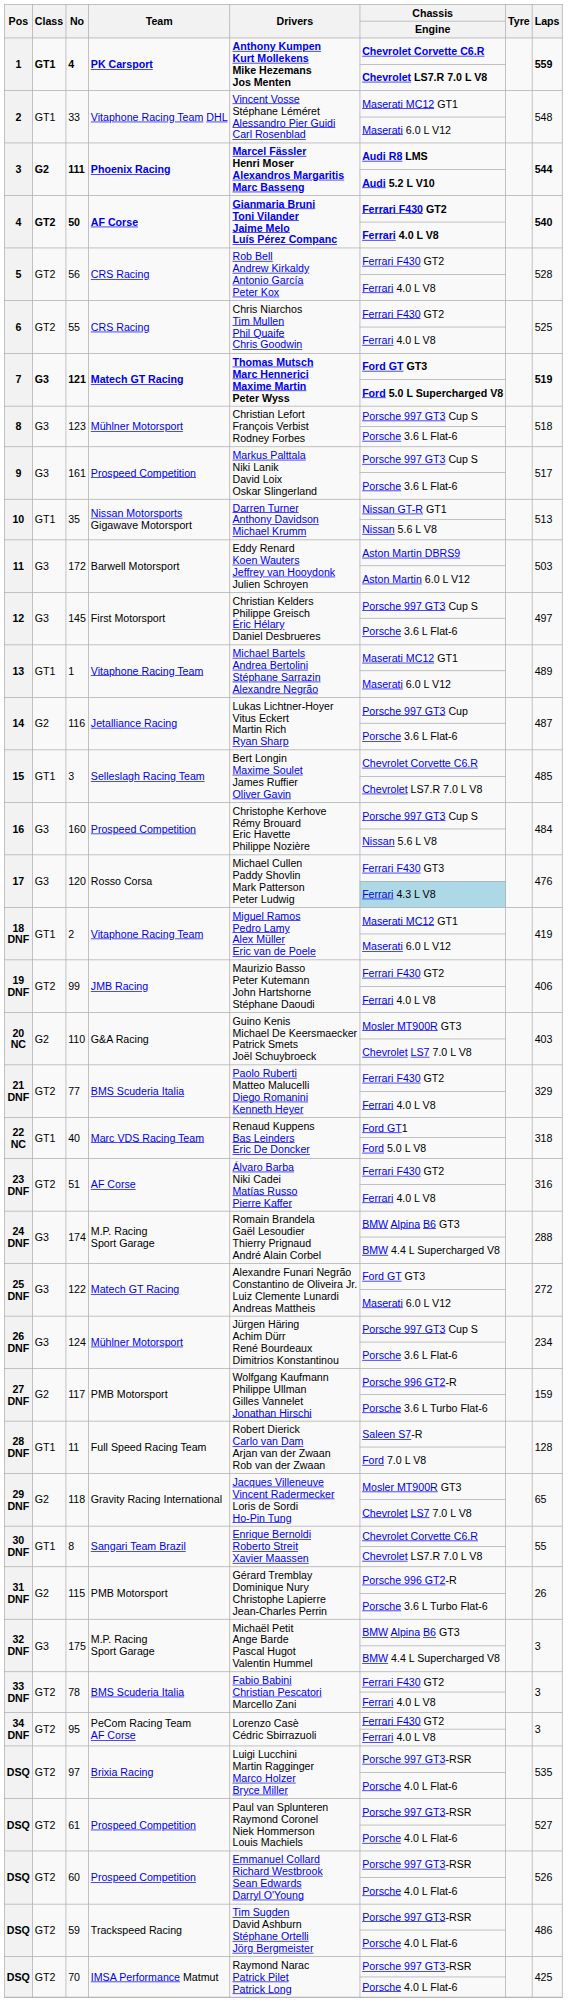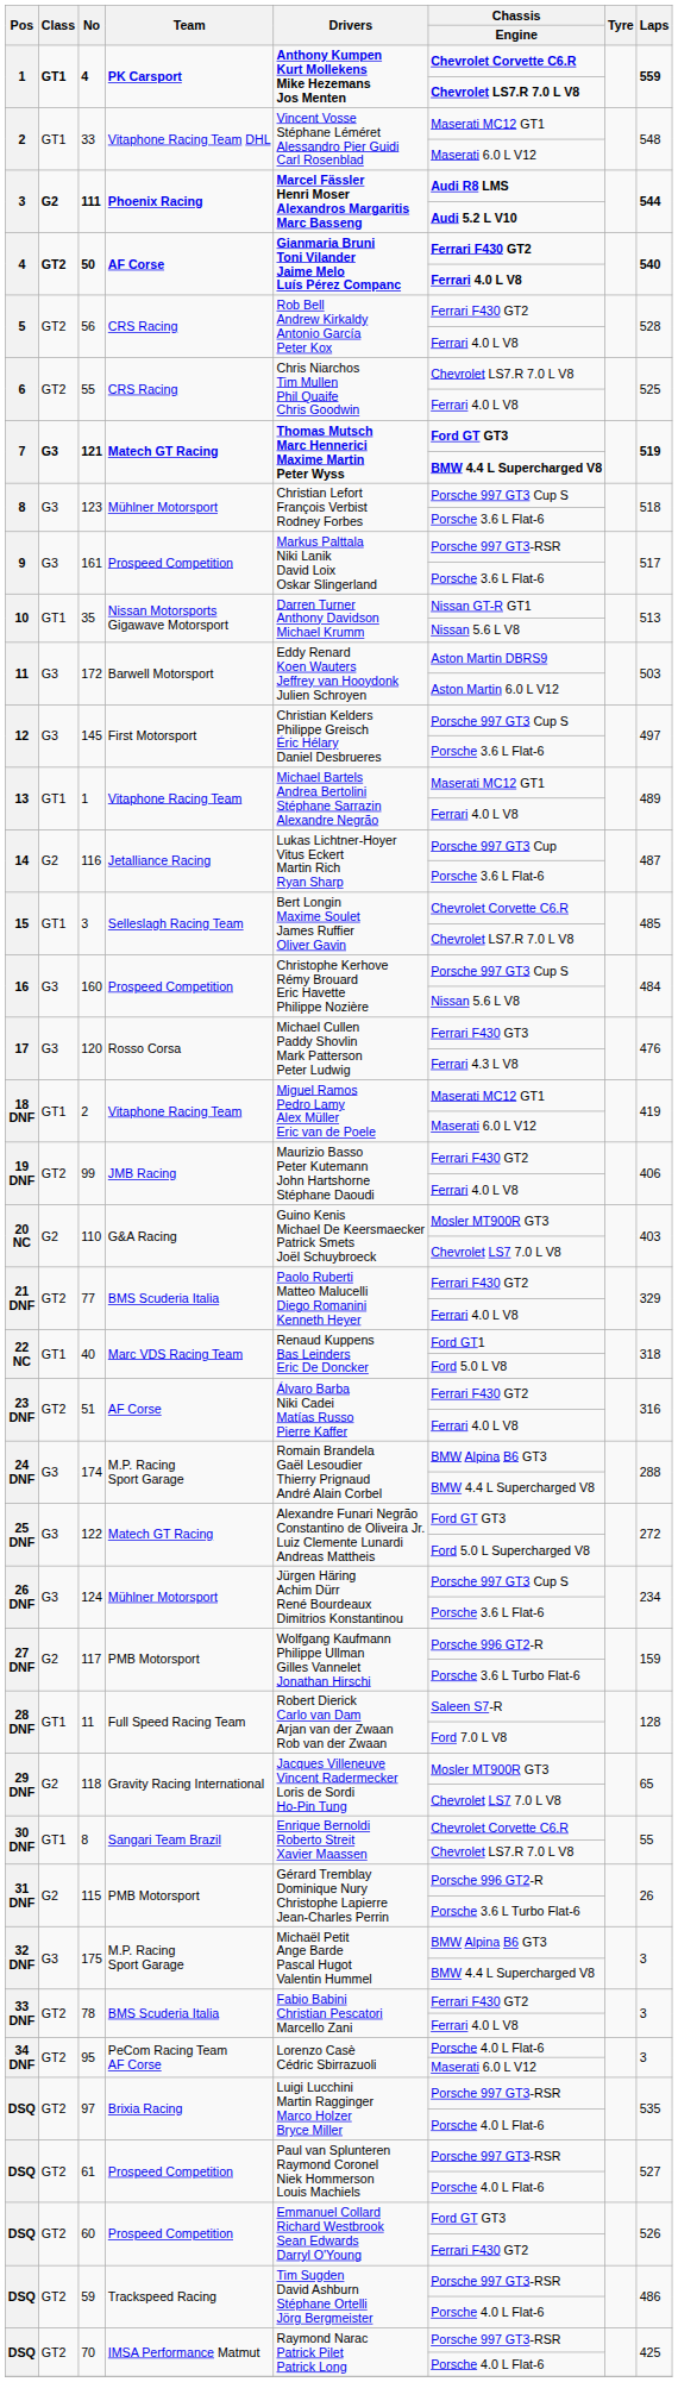 <table class="wikitable" style="font-size: 95%;">
 <tr>
 <th rowspan=2>Pos</th>
 <th rowspan=2>Class</th>
 <th rowspan=2>No</th>
 <th rowspan=2>Team</th>
 <th rowspan=2>Drivers</th>
 <th>Chassis</th>
 <th rowspan=2>Tyre</th>
 <th rowspan=2>Laps</th>
 </tr>
 <tr>
 <th>Engine</th>
 </tr>
 <tr style="font-weight:bold">
 <th rowspan=2>1</th>
 <td rowspan=2>GT1</td>
 <td rowspan=2>4</td>
 <td rowspan=2> <a href='#'>PK Carsport</a></td>
 <td rowspan=2> <a href='#'>Anthony Kumpen</a><br> <a href='#'>Kurt Mollekens</a><br> Mike Hezemans<br> Jos Menten</td>
 <td><a href='#'>Chevrolet Corvette C6.R</a></td>
 <td rowspan=2></td>
 <td rowspan=2>559</td>
 </tr>
 <tr style="font-weight:bold">
 <td><a href='#'>Chevrolet</a> LS7.R 7.0 L V8</td>
 </tr>
 <tr>
 <th rowspan=2>2</th>
 <td rowspan=2>GT1</td>
 <td rowspan=2>33</td>
 <td rowspan=2> <a href='#'>Vitaphone Racing Team</a> <a href='#'>DHL</a></td>
 <td rowspan=2> <a href='#'>Vincent Vosse</a><br> Stéphane Léméret<br> <a href='#'>Alessandro Pier Guidi</a><br> <a href='#'>Carl Rosenblad</a></td>
 <td><a href='#'>Maserati MC12</a> GT1</td>
 <td rowspan=2></td>
 <td rowspan=2>548</td>
 </tr>
 <tr>
 <td><a href='#'>Maserati</a> 6.0 L V12</td>
 </tr>
 <tr style="font-weight:bold">
 <th rowspan=2>3</th>
 <td rowspan=2>G2</td>
 <td rowspan=2>111</td>
 <td rowspan=2> <a href='#'>Phoenix Racing</a></td>
 <td rowspan=2> <a href='#'>Marcel Fässler</a><br> Henri Moser<br> <a href='#'>Alexandros Margaritis</a><br> <a href='#'>Marc Basseng</a></td>
 <td><a href='#'>Audi R8</a> LMS</td>
 <td rowspan=2></td>
 <td rowspan=2>544</td>
 </tr>
 <tr style="font-weight:bold">
 <td><a href='#'>Audi</a> 5.2 L V10</td>
 </tr>
 <tr style="font-weight:bold">
 <th rowspan=2>4</th>
 <td rowspan=2>GT2</td>
 <td rowspan=2>50</td>
 <td rowspan=2> <a href='#'>AF Corse</a></td>
 <td rowspan=2> <a href='#'>Gianmaria Bruni</a><br> <a href='#'>Toni Vilander</a><br> <a href='#'>Jaime Melo</a><br> <a href='#'>Luís Pérez Companc</a></td>
 <td><a href='#'>Ferrari F430</a> GT2</td>
 <td rowspan=2></td>
 <td rowspan=2>540</td>
 </tr>
 <tr style="font-weight:bold">
 <td><a href='#'>Ferrari</a> 4.0 L V8</td>
 </tr>
 <tr>
 <th rowspan=2>5</th>
 <td rowspan=2>GT2</td>
 <td rowspan=2>56</td>
 <td rowspan=2> <a href='#'>CRS Racing</a></td>
 <td rowspan=2> <a href='#'>Rob Bell</a><br> <a href='#'>Andrew Kirkaldy</a><br> <a href='#'>Antonio García</a><br> <a href='#'>Peter Kox</a></td>
 <td><a href='#'>Ferrari F430</a> GT2</td>
 <td rowspan=2></td>
 <td rowspan=2>528</td>
 </tr>
 <tr>
 <td><a href='#'>Ferrari</a> 4.0 L V8</td>
 </tr>
 <tr>
 <th rowspan=2>6</th>
 <td rowspan=2>GT2</td>
 <td rowspan=2>55</td>
 <td rowspan=2> <a href='#'>CRS Racing</a></td>
 <td rowspan=2> Chris Niarchos<br> <a href='#'>Tim Mullen</a><br> <a href='#'>Phil Quaife</a><br> <a href='#'>Chris Goodwin</a></td>
-<td><a href='#'>Ferrari F430</a> GT2</td>
+<td><a href='#'>Chevrolet</a> LS7.R 7.0 L V8</td>
 <td rowspan=2></td>
 <td rowspan=2>525</td>
 </tr>
 <tr>
 <td><a href='#'>Ferrari</a> 4.0 L V8</td>
 </tr>
 <tr style="font-weight:bold">
 <th rowspan=2>7</th>
 <td rowspan=2>G3</td>
 <td rowspan=2>121</td>
 <td rowspan=2> <a href='#'>Matech GT Racing</a></td>
 <td rowspan=2> <a href='#'>Thomas Mutsch</a><br> <a href='#'>Marc Hennerici</a><br> <a href='#'>Maxime Martin</a><br> Peter Wyss</td>
 <td><a href='#'>Ford GT</a> GT3</td>
 <td rowspan=2></td>
 <td rowspan=2>519</td>
 </tr>
 <tr style="font-weight:bold">
-<td><a href='#'>Ford</a> 5.0 L Supercharged V8</td>
+<td><a href='#'>BMW</a> 4.4 L Supercharged V8</td>
 </tr>
 <tr>
 <th rowspan=2>8</th>
 <td rowspan=2>G3</td>
 <td rowspan=2>123</td>
 <td rowspan=2> <a href='#'>Mühlner Motorsport</a></td>
 <td rowspan=2> Christian Lefort<br> François Verbist<br> Rodney Forbes</td>
 <td><a href='#'>Porsche 997 GT3</a> Cup S</td>
 <td rowspan=2></td>
 <td rowspan=2>518</td>
 </tr>
 <tr>
 <td><a href='#'>Porsche</a> 3.6 L Flat-6</td>
 </tr>
 <tr>
 <th rowspan=2>9</th>
 <td rowspan=2>G3</td>
 <td rowspan=2>161</td>
 <td rowspan=2> <a href='#'>Prospeed Competition</a></td>
 <td rowspan=2> <a href='#'>Markus Palttala</a><br> Niki Lanik<br> David Loix<br> Oskar Slingerland</td>
-<td><a href='#'>Porsche 997 GT3</a> Cup S</td>
+<td><a href='#'>Porsche 997 GT3</a>-RSR</td>
 <td rowspan=2></td>
 <td rowspan=2>517</td>
 </tr>
 <tr>
 <td><a href='#'>Porsche</a> 3.6 L Flat-6</td>
 </tr>
 <tr>
 <th rowspan=2>10</th>
 <td rowspan=2>GT1</td>
 <td rowspan=2>35</td>
 <td rowspan=2> <a href='#'>Nissan Motorsports</a><br> Gigawave Motorsport</td>
 <td rowspan=2> <a href='#'>Darren Turner</a><br> <a href='#'>Anthony Davidson</a><br> <a href='#'>Michael Krumm</a></td>
 <td><a href='#'>Nissan GT-R</a> GT1</td>
 <td rowspan=2></td>
 <td rowspan=2>513</td>
 </tr>
 <tr>
 <td><a href='#'>Nissan</a> 5.6 L V8</td>
 </tr>
 <tr>
 <th rowspan=2>11</th>
 <td rowspan=2>G3</td>
 <td rowspan=2>172</td>
 <td rowspan=2> Barwell Motorsport</td>
 <td rowspan=2> Eddy Renard<br> <a href='#'>Koen Wauters</a><br> <a href='#'>Jeffrey van Hooydonk</a><br> Julien Schroyen</td>
 <td><a href='#'>Aston Martin DBRS9</a></td>
 <td rowspan=2></td>
 <td rowspan=2>503</td>
 </tr>
 <tr>
 <td><a href='#'>Aston Martin</a> 6.0 L V12</td>
 </tr>
 <tr>
 <th rowspan=2>12</th>
 <td rowspan=2>G3</td>
 <td rowspan=2>145</td>
 <td rowspan=2> First Motorsport</td>
 <td rowspan=2> Christian Kelders<br> Philippe Greisch<br> <a href='#'>Éric Hélary</a><br> Daniel Desbrueres</td>
 <td><a href='#'>Porsche 997 GT3</a> Cup S</td>
 <td rowspan=2></td>
 <td rowspan=2>497</td>
 </tr>
 <tr>
 <td><a href='#'>Porsche</a> 3.6 L Flat-6</td>
 </tr>
 <tr>
 <th rowspan=2>13</th>
 <td rowspan=2>GT1</td>
 <td rowspan=2>1</td>
 <td rowspan=2> <a href='#'>Vitaphone Racing Team</a></td>
 <td rowspan=2> <a href='#'>Michael Bartels</a><br> <a href='#'>Andrea Bertolini</a><br> <a href='#'>Stéphane Sarrazin</a><br> <a href='#'>Alexandre Negrão</a></td>
 <td><a href='#'>Maserati MC12</a> GT1</td>
 <td rowspan=2></td>
 <td rowspan=2>489</td>
 </tr>
 <tr>
-<td><a href='#'>Maserati</a> 6.0 L V12</td>
+<td><a href='#'>Ferrari</a> 4.0 L V8</td>
 </tr>
 <tr>
 <th rowspan=2>14</th>
 <td rowspan=2>G2</td>
 <td rowspan=2>116</td>
 <td rowspan=2> <a href='#'>Jetalliance Racing</a></td>
 <td rowspan=2> Lukas Lichtner-Hoyer<br> Vitus Eckert<br> Martin Rich<br> <a href='#'>Ryan Sharp</a></td>
 <td><a href='#'>Porsche 997 GT3</a> Cup</td>
 <td rowspan=2></td>
 <td rowspan=2>487</td>
 </tr>
 <tr>
 <td><a href='#'>Porsche</a> 3.6 L Flat-6</td>
 </tr>
 <tr>
 <th rowspan=2>15</th>
 <td rowspan=2>GT1</td>
 <td rowspan=2>3</td>
 <td rowspan=2> <a href='#'>Selleslagh Racing Team</a></td>
 <td rowspan=2> Bert Longin<br> <a href='#'>Maxime Soulet</a><br> James Ruffier<br> <a href='#'>Oliver Gavin</a></td>
 <td><a href='#'>Chevrolet Corvette C6.R</a></td>
 <td rowspan=2></td>
 <td rowspan=2>485</td>
 </tr>
 <tr>
 <td><a href='#'>Chevrolet</a> LS7.R 7.0 L V8</td>
 </tr>
 <tr>
 <th rowspan=2>16</th>
 <td rowspan=2>G3</td>
 <td rowspan=2>160</td>
 <td rowspan=2> <a href='#'>Prospeed Competition</a></td>
 <td rowspan=2> Christophe Kerhove<br> Rémy Brouard<br> Eric Havette<br> Philippe Nozière</td>
 <td><a href='#'>Porsche 997 GT3</a> Cup S</td>
 <td rowspan=2></td>
 <td rowspan=2>484</td>
 </tr>
 <tr>
 <td><a href='#'>Nissan</a> 5.6 L V8</td>
 </tr>
 <tr>
 <th rowspan=2>17</th>
 <td rowspan=2>G3</td>
 <td rowspan=2>120</td>
 <td rowspan=2> Rosso Corsa</td>
 <td rowspan=2> Michael Cullen<br> Paddy Shovlin<br> Mark Patterson<br> Peter Ludwig</td>
 <td><a href='#'>Ferrari F430</a> GT3</td>
 <td rowspan=2></td>
 <td rowspan=2>476</td>
 </tr>
 <tr>
-<td style="background: lightblue;"><a href='#'>Ferrari</a> 4.3 L V8</td>
+<td><a href='#'>Ferrari</a> 4.3 L V8</td>
 </tr>
 <tr>
 <th rowspan=2>18<br>DNF</th>
 <td rowspan=2>GT1</td>
 <td rowspan=2>2</td>
 <td rowspan=2> <a href='#'>Vitaphone Racing Team</a></td>
 <td rowspan=2> <a href='#'>Miguel Ramos</a><br> <a href='#'>Pedro Lamy</a><br> <a href='#'>Alex Müller</a><br> <a href='#'>Eric van de Poele</a></td>
 <td><a href='#'>Maserati MC12</a> GT1</td>
 <td rowspan=2></td>
 <td rowspan=2>419</td>
 </tr>
 <tr>
 <td><a href='#'>Maserati</a> 6.0 L V12</td>
 </tr>
 <tr>
 <th rowspan=2>19<br>DNF</th>
 <td rowspan=2>GT2</td>
 <td rowspan=2>99</td>
 <td rowspan=2> <a href='#'>JMB Racing</a></td>
 <td rowspan=2> Maurizio Basso<br> Peter Kutemann<br> John Hartshorne<br> Stéphane Daoudi</td>
 <td><a href='#'>Ferrari F430</a> GT2</td>
 <td rowspan=2></td>
 <td rowspan=2>406</td>
 </tr>
 <tr>
 <td><a href='#'>Ferrari</a> 4.0 L V8</td>
 </tr>
 <tr>
 <th rowspan=2>20<br>NC</th>
 <td rowspan=2>G2</td>
 <td rowspan=2>110</td>
 <td rowspan=2> G&A Racing</td>
 <td rowspan=2> Guino Kenis<br> Michael De Keersmaecker<br> Patrick Smets<br> Joël Schuybroeck</td>
 <td><a href='#'>Mosler MT900R</a> GT3</td>
 <td rowspan=2></td>
 <td rowspan=2>403</td>
 </tr>
 <tr>
 <td><a href='#'>Chevrolet</a> <a href='#'>LS7</a> 7.0 L V8</td>
 </tr>
 <tr>
 <th rowspan=2>21<br>DNF</th>
 <td rowspan=2>GT2</td>
 <td rowspan=2>77</td>
 <td rowspan=2> <a href='#'>BMS Scuderia Italia</a></td>
 <td rowspan=2> <a href='#'>Paolo Ruberti</a><br> Matteo Malucelli<br> <a href='#'>Diego Romanini</a><br> <a href='#'>Kenneth Heyer</a></td>
 <td><a href='#'>Ferrari F430</a> GT2</td>
 <td rowspan=2></td>
 <td rowspan=2>329</td>
 </tr>
 <tr>
 <td><a href='#'>Ferrari</a> 4.0 L V8</td>
 </tr>
 <tr>
 <th rowspan=2>22<br>NC</th>
 <td rowspan=2>GT1</td>
 <td rowspan=2>40</td>
 <td rowspan=2> <a href='#'>Marc VDS Racing Team</a></td>
 <td rowspan=2> Renaud Kuppens<br> <a href='#'>Bas Leinders</a><br> <a href='#'>Eric De Doncker</a></td>
 <td><a href='#'>Ford GT</a>1</td>
 <td rowspan=2></td>
 <td rowspan=2>318</td>
 </tr>
 <tr>
 <td><a href='#'>Ford</a> 5.0 L V8</td>
 </tr>
 <tr>
 <th rowspan=2>23<br>DNF</th>
 <td rowspan=2>GT2</td>
 <td rowspan=2>51</td>
 <td rowspan=2> <a href='#'>AF Corse</a></td>
 <td rowspan=2> <a href='#'>Álvaro Barba</a><br> Niki Cadei<br> <a href='#'>Matías Russo</a><br> <a href='#'>Pierre Kaffer</a></td>
 <td><a href='#'>Ferrari F430</a> GT2</td>
 <td rowspan=2></td>
 <td rowspan=2>316</td>
 </tr>
 <tr>
 <td><a href='#'>Ferrari</a> 4.0 L V8</td>
 </tr>
 <tr>
 <th rowspan=2>24<br>DNF</th>
 <td rowspan=2>G3</td>
 <td rowspan=2>174</td>
 <td rowspan=2> M.P. Racing<br> Sport Garage</td>
 <td rowspan=2> Romain Brandela<br> Gaël Lesoudier<br> Thierry Prignaud<br> André Alain Corbel</td>
 <td><a href='#'>BMW</a> <a href='#'>Alpina</a> <a href='#'>B6</a> GT3</td>
 <td rowspan=2></td>
 <td rowspan=2>288</td>
 </tr>
 <tr>
 <td><a href='#'>BMW</a> 4.4 L Supercharged V8</td>
 </tr>
 <tr>
 <th rowspan=2>25<br>DNF</th>
 <td rowspan=2>G3</td>
 <td rowspan=2>122</td>
 <td rowspan=2> <a href='#'>Matech GT Racing</a></td>
 <td rowspan=2> Alexandre Funari Negrão<br> Constantino de Oliveira Jr.<br> Luiz Clemente Lunardi<br> Andreas Mattheis</td>
 <td><a href='#'>Ford GT</a> GT3</td>
 <td rowspan=2></td>
 <td rowspan=2>272</td>
 </tr>
 <tr>
-<td><a href='#'>Maserati</a> 6.0 L V12</td>
+<td><a href='#'>Ford</a> 5.0 L Supercharged V8</td>
 </tr>
 <tr>
 <th rowspan=2>26<br>DNF</th>
 <td rowspan=2>G3</td>
 <td rowspan=2>124</td>
 <td rowspan=2> <a href='#'>Mühlner Motorsport</a></td>
 <td rowspan=2> Jürgen Häring<br> Achim Dürr<br> René Bourdeaux<br> Dimitrios Konstantinou</td>
 <td><a href='#'>Porsche 997 GT3</a> Cup S</td>
 <td rowspan=2></td>
 <td rowspan=2>234</td>
 </tr>
 <tr>
 <td><a href='#'>Porsche</a> 3.6 L Flat-6</td>
 </tr>
 <tr>
 <th rowspan=2>27<br>DNF</th>
 <td rowspan=2>G2</td>
 <td rowspan=2>117</td>
 <td rowspan=2> PMB Motorsport</td>
 <td rowspan=2> Wolfgang Kaufmann<br> Philippe Ullman<br> Gilles Vannelet<br> <a href='#'>Jonathan Hirschi</a></td>
 <td><a href='#'>Porsche 996 GT2</a>-R</td>
 <td rowspan=2></td>
 <td rowspan=2>159</td>
 </tr>
 <tr>
 <td><a href='#'>Porsche</a> 3.6 L Turbo Flat-6</td>
 </tr>
 <tr>
 <th rowspan=2>28<br>DNF</th>
 <td rowspan=2>GT1</td>
 <td rowspan=2>11</td>
 <td rowspan=2> Full Speed Racing Team</td>
 <td rowspan=2> Robert Dierick<br> <a href='#'>Carlo van Dam</a><br> Arjan van der Zwaan<br> Rob van der Zwaan</td>
 <td><a href='#'>Saleen S7</a>-R</td>
 <td rowspan=2></td>
 <td rowspan=2>128</td>
 </tr>
 <tr>
 <td><a href='#'>Ford</a> 7.0 L V8</td>
 </tr>
 <tr>
 <th rowspan=2>29<br>DNF</th>
 <td rowspan=2>G2</td>
 <td rowspan=2>118</td>
 <td rowspan=2> Gravity Racing International</td>
 <td rowspan=2> <a href='#'>Jacques Villeneuve</a><br> <a href='#'>Vincent Radermecker</a><br> Loris de Sordi<br> <a href='#'>Ho-Pin Tung</a></td>
 <td><a href='#'>Mosler MT900R</a> GT3</td>
 <td rowspan=2></td>
 <td rowspan=2>65</td>
 </tr>
 <tr>
 <td><a href='#'>Chevrolet</a> <a href='#'>LS7</a> 7.0 L V8</td>
 </tr>
 <tr>
 <th rowspan=2>30<br>DNF</th>
 <td rowspan=2>GT1</td>
 <td rowspan=2>8</td>
 <td rowspan=2> <a href='#'>Sangari Team Brazil</a></td>
 <td rowspan=2> <a href='#'>Enrique Bernoldi</a><br> <a href='#'>Roberto Streit</a><br> <a href='#'>Xavier Maassen</a></td>
 <td><a href='#'>Chevrolet Corvette C6.R</a></td>
 <td rowspan=2></td>
 <td rowspan=2>55</td>
 </tr>
 <tr>
 <td><a href='#'>Chevrolet</a> LS7.R 7.0 L V8</td>
 </tr>
 <tr>
 <th rowspan=2>31<br>DNF</th>
 <td rowspan=2>G2</td>
 <td rowspan=2>115</td>
 <td rowspan=2> PMB Motorsport</td>
 <td rowspan=2> Gérard Tremblay<br> Dominique Nury<br> Christophe Lapierre<br> Jean-Charles Perrin</td>
 <td><a href='#'>Porsche 996 GT2</a>-R</td>
 <td rowspan=2></td>
 <td rowspan=2>26</td>
 </tr>
 <tr>
 <td><a href='#'>Porsche</a> 3.6 L Turbo Flat-6</td>
 </tr>
 <tr>
 <th rowspan=2>32<br>DNF</th>
 <td rowspan=2>G3</td>
 <td rowspan=2>175</td>
 <td rowspan=2> M.P. Racing<br> Sport Garage</td>
 <td rowspan=2> Michaël Petit<br> Ange Barde<br> Pascal Hugot<br> Valentin Hummel</td>
 <td><a href='#'>BMW</a> <a href='#'>Alpina</a> <a href='#'>B6</a> GT3</td>
 <td rowspan=2></td>
 <td rowspan=2>3</td>
 </tr>
 <tr>
 <td><a href='#'>BMW</a> 4.4 L Supercharged V8</td>
 </tr>
 <tr>
 <th rowspan=2>33<br>DNF</th>
 <td rowspan=2>GT2</td>
 <td rowspan=2>78</td>
 <td rowspan=2> <a href='#'>BMS Scuderia Italia</a></td>
 <td rowspan=2> <a href='#'>Fabio Babini</a><br> <a href='#'>Christian Pescatori</a><br> Marcello Zani</td>
 <td><a href='#'>Ferrari F430</a> GT2</td>
 <td rowspan=2></td>
 <td rowspan=2>3</td>
 </tr>
 <tr>
 <td><a href='#'>Ferrari</a> 4.0 L V8</td>
 </tr>
 <tr>
 <th rowspan=2>34<br>DNF</th>
 <td rowspan=2>GT2</td>
 <td rowspan=2>95</td>
 <td rowspan=2> PeCom Racing Team<br> <a href='#'>AF Corse</a></td>
 <td rowspan=2> Lorenzo Casè<br> Cédric Sbirrazuoli</td>
-<td><a href='#'>Ferrari F430</a> GT2</td>
+<td><a href='#'>Porsche</a> 4.0 L Flat-6</td>
 <td rowspan=2></td>
 <td rowspan=2>3</td>
 </tr>
 <tr>
-<td><a href='#'>Ferrari</a> 4.0 L V8</td>
+<td><a href='#'>Maserati</a> 6.0 L V12</td>
 </tr>
 <tr>
 <th rowspan=2>DSQ</th>
 <td rowspan=2>GT2</td>
 <td rowspan=2>97</td>
 <td rowspan=2> <a href='#'>Brixia Racing</a></td>
 <td rowspan=2> Luigi Lucchini<br> Martin Ragginger<br> <a href='#'>Marco Holzer</a><br> <a href='#'>Bryce Miller</a></td>
 <td><a href='#'>Porsche 997 GT3</a>-RSR</td>
 <td rowspan=2></td>
 <td rowspan=2>535</td>
 </tr>
 <tr>
 <td><a href='#'>Porsche</a> 4.0 L Flat-6</td>
 </tr>
 <tr>
 <th rowspan=2>DSQ</th>
 <td rowspan=2>GT2</td>
 <td rowspan=2>61</td>
 <td rowspan=2> <a href='#'>Prospeed Competition</a></td>
 <td rowspan=2> Paul van Splunteren<br> Raymond Coronel<br> Niek Hommerson<br> Louis Machiels</td>
 <td><a href='#'>Porsche 997 GT3</a>-RSR</td>
 <td rowspan=2></td>
 <td rowspan=2>527</td>
 </tr>
 <tr>
 <td><a href='#'>Porsche</a> 4.0 L Flat-6</td>
 </tr>
 <tr>
 <th rowspan=2>DSQ</th>
 <td rowspan=2>GT2</td>
 <td rowspan=2>60</td>
 <td rowspan=2> <a href='#'>Prospeed Competition</a></td>
 <td rowspan=2> <a href='#'>Emmanuel Collard</a><br> <a href='#'>Richard Westbrook</a><br> <a href='#'>Sean Edwards</a><br> <a href='#'>Darryl O'Young</a></td>
-<td><a href='#'>Porsche 997 GT3</a>-RSR</td>
+<td><a href='#'>Ford GT</a> GT3</td>
 <td rowspan=2></td>
 <td rowspan=2>526</td>
 </tr>
 <tr>
-<td><a href='#'>Porsche</a> 4.0 L Flat-6</td>
+<td><a href='#'>Ferrari F430</a> GT2</td>
 </tr>
 <tr>
 <th rowspan=2>DSQ</th>
 <td rowspan=2>GT2</td>
 <td rowspan=2>59</td>
 <td rowspan=2> Trackspeed Racing</td>
 <td rowspan=2> <a href='#'>Tim Sugden</a><br> David Ashburn<br> <a href='#'>Stéphane Ortelli</a><br> <a href='#'>Jörg Bergmeister</a></td>
 <td><a href='#'>Porsche 997 GT3</a>-RSR</td>
 <td rowspan=2></td>
 <td rowspan=2>486</td>
 </tr>
 <tr>
 <td><a href='#'>Porsche</a> 4.0 L Flat-6</td>
 </tr>
 <tr>
 <th rowspan=2>DSQ</th>
 <td rowspan=2>GT2</td>
 <td rowspan=2>70</td>
 <td rowspan=2> <a href='#'>IMSA Performance</a> Matmut</td>
 <td rowspan=2> Raymond Narac<br> <a href='#'>Patrick Pilet</a><br> <a href='#'>Patrick Long</a></td>
 <td><a href='#'>Porsche 997 GT3</a>-RSR</td>
 <td rowspan=2></td>
 <td rowspan=2>425</td>
 </tr>
 <tr>
 <td><a href='#'>Porsche</a> 4.0 L Flat-6</td>
 </tr>
 <tr>
 </tr>
 </table>
